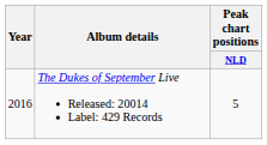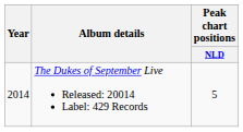 <table class="wikitable" style="text-align:center;">
 <tr>
 <th rowspan="2">Year</th>
 <th rowspan="2" style="width:225px;">Album details</th>
 <th colspan="1">Peak chart positions</th>
 </tr>
 <tr style="font-size:smaller;">
 <th style="width:40px;"><a href='#'>NLD</a><br></th>
 </tr>
 <tr>
-<td>2016</td>
+<td>2014</td>
 <td align="left"><em><a href='#'>The Dukes of September</a> Live</em><br><ul><li>Released: 20014</li><li>Label: 429 Records</li></ul></td>
 <td>5</td>
 </tr>
 </table>
